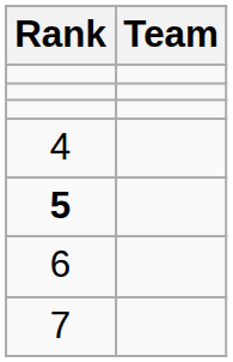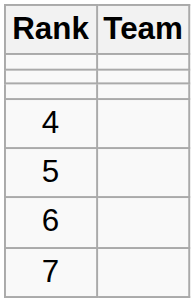 <table class="wikitable">
 <tr>
 <th>Rank</th>
 <th>Team</th>
 </tr>
 <tr>
 <td align=center></td>
 <td></td>
 </tr>
 <tr>
 <td align=center></td>
 <td></td>
 </tr>
 <tr>
 <td align=center></td>
 <td></td>
 </tr>
 <tr>
 <td align=center>4</td>
 <td></td>
 </tr>
 <tr>
-<td align=center><strong>5</strong></td>
+<td align=center>5</td>
 <td></td>
 </tr>
 <tr>
 <td align=center>6</td>
 <td></td>
 </tr>
 <tr>
 <td align=center>7</td>
 <td></td>
 </tr>
 </table>
